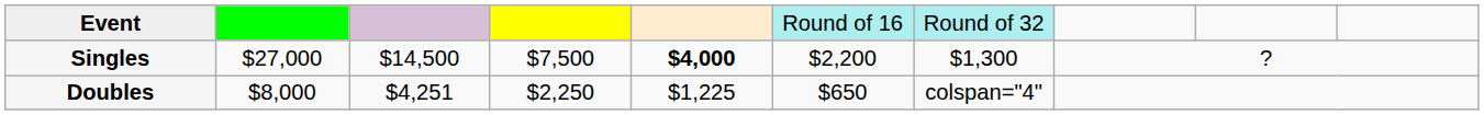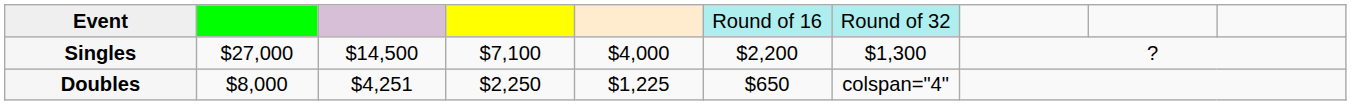 <table class=wikitable style=font-size:90%;text-align:center>
 <tr>
 <td style="width:130px; background:#efefef;"><strong>Event</strong></td>
 <td style="width:80px; background:lime;"></td>
 <td style="width:85px; background:thistle;"></td>
 <td style="width:85px; background:#ff0;"></td>
 <td style="width:85px; background:#ffebcd;"></td>
 <td style="width:85px; background:#afeeee;">Round of 16</td>
 <td style="width:85px; background:#afeeee;">Round of 32</td>
 <td width=85></td>
 <td width=85></td>
 <td width=85></td>
 </tr>
 <tr>
 <th style="background:#f6f6f6;">Singles</th>
 <td>$27,000</td>
 <td>$14,500</td>
-<td>$7,500</td>
-<td><strong>$4,000</strong></td>
+<td>$7,100</td>
+<td>$4,000</td>
 <td>$2,200</td>
 <td>$1,300</td>
 <td colspan="3">?</td>
 </tr>
 <tr>
 <th style="background:#f6f6f6;">Doubles</th>
 <td>$8,000</td>
 <td>$4,251</td>
 <td>$2,250</td>
 <td>$1,225</td>
 <td>$650</td>
 <td>colspan="4" </td>
 </tr>
 </table>
